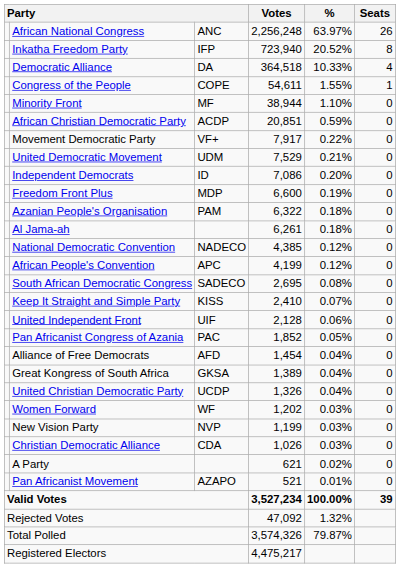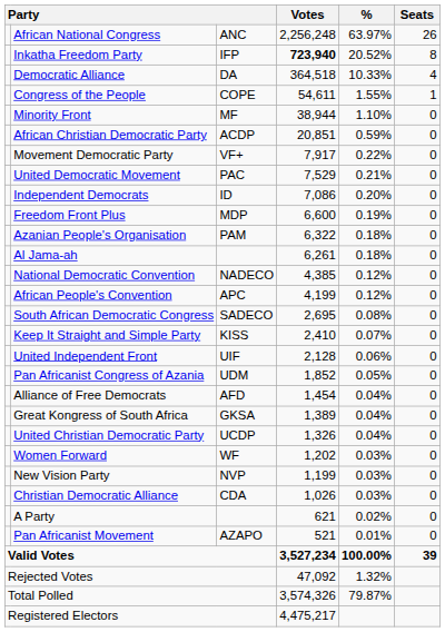 <table class="wikitable" border="1" style="text-align:right;">
 <tr>
 <th style="text-align:left;" colspan=3>Party</th>
 <th align=center width="50">Votes</th>
 <th align=center width="50">%</th>
 <th align=center width="50">Seats</th>
 </tr>
 <tr>
 <td style="background:"></td>
 <td align=left><a href='#'>African National Congress</a></td>
 <td align=left>ANC</td>
 <td>2,256,248</td>
 <td>63.97%</td>
 <td>26</td>
 </tr>
 <tr>
 <td style="background:"></td>
 <td align=left><a href='#'>Inkatha Freedom Party</a></td>
 <td align=left>IFP</td>
-<td>723,940</td>
+<td><strong>723,940</strong></td>
 <td>20.52%</td>
 <td>8</td>
 </tr>
 <tr>
 <td style="background:"></td>
 <td align=left><a href='#'>Democratic Alliance</a></td>
 <td align=left>DA</td>
 <td>364,518</td>
 <td>10.33%</td>
 <td>4</td>
 </tr>
 <tr>
 <td style="background:"></td>
 <td align=left><a href='#'>Congress of the People</a></td>
 <td align=left>COPE</td>
 <td>54,611</td>
 <td>1.55%</td>
 <td>1</td>
 </tr>
 <tr>
 <td style="background:"></td>
 <td align=left><a href='#'>Minority Front</a></td>
 <td align=left>MF</td>
 <td>38,944</td>
 <td>1.10%</td>
 <td>0</td>
 </tr>
 <tr>
 <td style="background:"></td>
 <td align=left><a href='#'>African Christian Democratic Party</a></td>
 <td align=left>ACDP</td>
 <td>20,851</td>
 <td>0.59%</td>
 <td>0</td>
 </tr>
 <tr>
 <td></td>
 <td align=left>Movement Democratic Party</td>
 <td align=left>VF+</td>
 <td>7,917</td>
 <td>0.22%</td>
 <td>0</td>
 </tr>
 <tr>
 <td style="background:"></td>
 <td align=left><a href='#'>United Democratic Movement</a></td>
-<td align=left>UDM</td>
+<td align=left>PAC</td>
 <td>7,529</td>
 <td>0.21%</td>
 <td>0</td>
 </tr>
 <tr>
 <td style="background:"></td>
 <td align=left><a href='#'>Independent Democrats</a></td>
 <td align=left>ID</td>
 <td>7,086</td>
 <td>0.20%</td>
 <td>0</td>
 </tr>
 <tr>
 <td style="background:"></td>
 <td align=left><a href='#'>Freedom Front Plus</a></td>
 <td align=left>MDP</td>
 <td>6,600</td>
 <td>0.19%</td>
 <td>0</td>
 </tr>
 <tr>
 <td style="background:"></td>
 <td align=left><a href='#'>Azanian People's Organisation</a></td>
 <td align=left>PAM</td>
 <td>6,322</td>
 <td>0.18%</td>
 <td>0</td>
 </tr>
 <tr>
 <td style="background:"></td>
 <td align=left><a href='#'>Al Jama-ah</a></td>
 <td align=left></td>
 <td>6,261</td>
 <td>0.18%</td>
 <td>0</td>
 </tr>
 <tr>
 <td style="background:"></td>
 <td align=left><a href='#'>National Democratic Convention</a></td>
 <td align=left>NADECO</td>
 <td>4,385</td>
 <td>0.12%</td>
 <td>0</td>
 </tr>
 <tr>
 <td style="background:"></td>
 <td align=left><a href='#'>African People's Convention</a></td>
 <td align=left>APC</td>
 <td>4,199</td>
 <td>0.12%</td>
 <td>0</td>
 </tr>
 <tr>
 <td></td>
 <td align=left><a href='#'>South African Democratic Congress</a></td>
 <td align=left>SADECO</td>
 <td>2,695</td>
 <td>0.08%</td>
 <td>0</td>
 </tr>
 <tr>
 <td style="background:"></td>
 <td align=left><a href='#'>Keep It Straight and Simple Party</a></td>
 <td align=left>KISS</td>
 <td>2,410</td>
 <td>0.07%</td>
 <td>0</td>
 </tr>
 <tr>
 <td style="background:"></td>
 <td align=left><a href='#'>United Independent Front</a></td>
 <td align=left>UIF</td>
 <td>2,128</td>
 <td>0.06%</td>
 <td>0</td>
 </tr>
 <tr>
 <td style="background:"></td>
 <td align=left><a href='#'>Pan Africanist Congress of Azania</a></td>
-<td align=left>PAC</td>
+<td align=left>UDM</td>
 <td>1,852</td>
 <td>0.05%</td>
 <td>0</td>
 </tr>
 <tr>
 <td></td>
 <td align=left>Alliance of Free Democrats</td>
 <td align=left>AFD</td>
 <td>1,454</td>
 <td>0.04%</td>
 <td>0</td>
 </tr>
 <tr>
 <td></td>
 <td align=left>Great Kongress of South Africa</td>
 <td align=left>GKSA</td>
 <td>1,389</td>
 <td>0.04%</td>
 <td>0</td>
 </tr>
 <tr>
 <td style="background:"></td>
 <td align=left><a href='#'>United Christian Democratic Party</a></td>
 <td align=left>UCDP</td>
 <td>1,326</td>
 <td>0.04%</td>
 <td>0</td>
 </tr>
 <tr>
 <td style="background:"></td>
 <td align=left><a href='#'>Women Forward</a></td>
 <td align=left>WF</td>
 <td>1,202</td>
 <td>0.03%</td>
 <td>0</td>
 </tr>
 <tr>
 <td></td>
 <td align=left>New Vision Party</td>
 <td align=left>NVP</td>
 <td>1,199</td>
 <td>0.03%</td>
 <td>0</td>
 </tr>
 <tr>
 <td style="background:"></td>
 <td align=left><a href='#'>Christian Democratic Alliance</a></td>
 <td align=left>CDA</td>
 <td>1,026</td>
 <td>0.03%</td>
 <td>0</td>
 </tr>
 <tr>
 <td></td>
 <td align=left>A Party</td>
 <td align=left></td>
 <td>621</td>
 <td>0.02%</td>
 <td>0</td>
 </tr>
 <tr>
 <td style="background:"></td>
 <td align=left><a href='#'>Pan Africanist Movement</a></td>
 <td align=left>AZAPO</td>
 <td>521</td>
 <td>0.01%</td>
 <td>0</td>
 </tr>
 <tr style="font-weight:bold">
 <td align=left colspan=3>Valid Votes</td>
 <td>3,527,234</td>
 <td>100.00%</td>
 <td>39</td>
 </tr>
 <tr>
 <td align=left colspan=3>Rejected Votes</td>
 <td>47,092</td>
 <td>1.32%</td>
 <td></td>
 </tr>
 <tr>
 <td align=left colspan=3>Total Polled</td>
 <td>3,574,326</td>
 <td>79.87%</td>
 <td></td>
 </tr>
 <tr>
 <td align=left colspan=3>Registered Electors</td>
 <td>4,475,217</td>
 <td></td>
 <td></td>
 </tr>
 </table>
